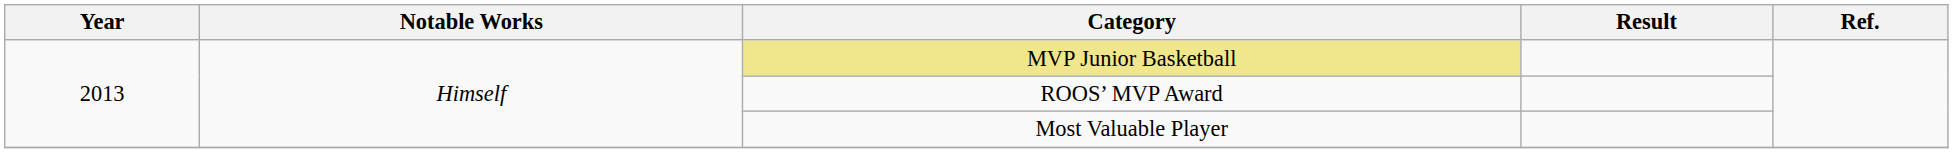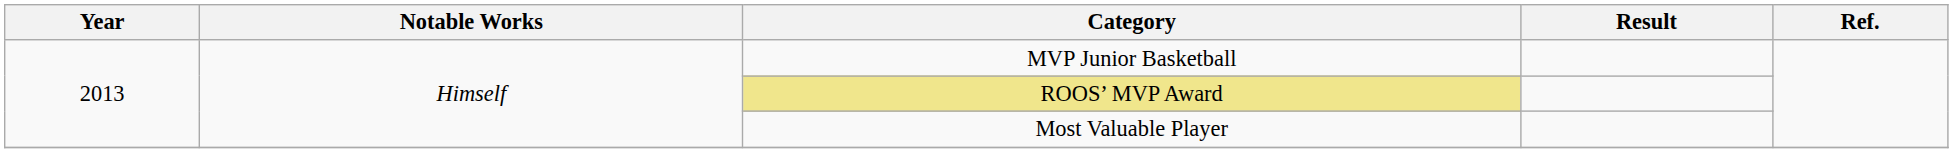 <table class="wikitable" style="text-align:center" width=70%>
 <tr>
 <th>Year</th>
 <th>Notable Works</th>
 <th>Category</th>
 <th>Result</th>
 <th>Ref.</th>
 </tr>
 <tr>
 <td rowspan=3>2013</td>
 <td rowspan=3><em>Himself</em></td>
-<td style="background: khaki;">MVP Junior Basketball</td>
+<td>MVP Junior Basketball</td>
 <td></td>
 <td rowspan=3></td>
 </tr>
 <tr>
-<td>ROOS’ MVP Award</td>
+<td style="background: khaki;">ROOS’ MVP Award</td>
 <td></td>
 </tr>
 <tr>
 <td>Most Valuable Player</td>
 <td></td>
 </tr>
 <tr>
 </tr>
 </table>
